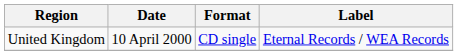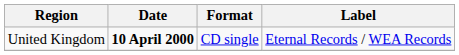 <table class=wikitable>
 <tr>
 <th>Region</th>
 <th>Date</th>
 <th>Format</th>
 <th>Label</th>
 </tr>
 <tr>
 <td>United Kingdom</td>
-<td>10 April 2000</td>
+<td><strong>10 April 2000</strong></td>
 <td><a href='#'>CD single</a></td>
 <td><a href='#'>Eternal Records</a> / <a href='#'>WEA Records</a></td>
 </tr>
 <tr>
 </tr>
 </table>
